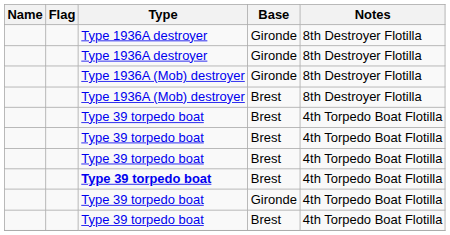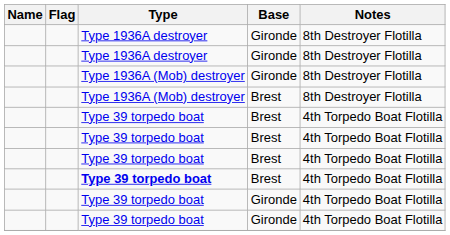 <table class="wikitable sortable">
 <tr>
 <th>Name</th>
 <th>Flag</th>
 <th>Type</th>
 <th>Base</th>
 <th>Notes</th>
 </tr>
 <tr>
 <td></td>
 <td></td>
 <td><a href='#'>Type 1936A destroyer</a></td>
 <td>Gironde</td>
 <td>8th Destroyer Flotilla</td>
 </tr>
 <tr>
 <td></td>
 <td></td>
 <td><a href='#'>Type 1936A destroyer</a></td>
 <td>Gironde</td>
 <td>8th Destroyer Flotilla</td>
 </tr>
 <tr>
 <td></td>
 <td></td>
 <td><a href='#'>Type 1936A (Mob) destroyer</a></td>
 <td>Gironde</td>
 <td>8th Destroyer Flotilla</td>
 </tr>
 <tr>
 <td></td>
 <td></td>
 <td><a href='#'>Type 1936A (Mob) destroyer</a></td>
 <td>Brest</td>
 <td>8th Destroyer Flotilla</td>
 </tr>
 <tr>
 <td></td>
 <td></td>
 <td><a href='#'>Type 39 torpedo boat</a></td>
 <td>Brest</td>
 <td>4th Torpedo Boat Flotilla</td>
 </tr>
 <tr>
 <td></td>
 <td></td>
 <td><a href='#'>Type 39 torpedo boat</a></td>
 <td>Brest</td>
 <td>4th Torpedo Boat Flotilla</td>
 </tr>
 <tr>
 <td></td>
 <td></td>
 <td><a href='#'>Type 39 torpedo boat</a></td>
 <td>Brest</td>
 <td>4th Torpedo Boat Flotilla</td>
 </tr>
 <tr>
 <td></td>
 <td></td>
 <td><strong><a href='#'>Type 39 torpedo boat</a></strong></td>
 <td>Brest</td>
 <td>4th Torpedo Boat Flotilla</td>
 </tr>
 <tr>
 <td></td>
 <td></td>
 <td><a href='#'>Type 39 torpedo boat</a></td>
 <td>Gironde</td>
 <td>4th Torpedo Boat Flotilla</td>
 </tr>
 <tr>
 <td></td>
 <td></td>
 <td><a href='#'>Type 39 torpedo boat</a></td>
-<td>Brest</td>
+<td>Gironde</td>
 <td>4th Torpedo Boat Flotilla</td>
 </tr>
 <tr>
 </tr>
 </table>
